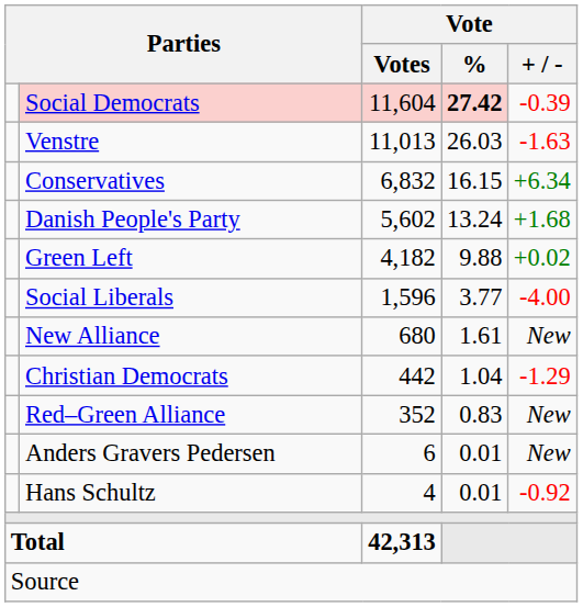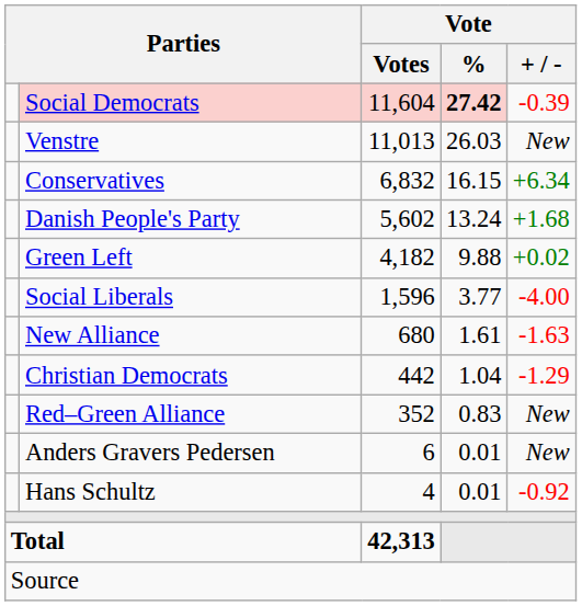 <table class="wikitable" style="text-align:right;">
 <tr>
 <th style="text-align:centre;" rowspan="2" colspan="2" width="225">Parties</th>
 <th colspan="3">Vote</th>
 </tr>
 <tr>
 <th width="15">Votes</th>
 <th width="15">%</th>
 <th width="15">+ / -</th>
 </tr>
 <tr>
 <td width="2" style="color:inherit;background:"></td>
 <td bgcolor=#fbd0ce  align="left"><a href='#'>Social Democrats</a></td>
 <td bgcolor=#fbd0ce>11,604</td>
 <td bgcolor=#fbd0ce><strong>27.42</strong></td>
 <td style=color:red;>-0.39</td>
 </tr>
 <tr>
 <td width="2" style="color:inherit;background:"></td>
 <td align="left"><a href='#'>Venstre</a></td>
 <td>11,013</td>
 <td>26.03</td>
-<td style=color:red;>-1.63</td>
+<td><em>New</em></td>
 </tr>
 <tr>
 <td width="2" style="color:inherit;background:"></td>
 <td align="left"><a href='#'>Conservatives</a></td>
 <td>6,832</td>
 <td>16.15</td>
 <td style=color:green;>+6.34</td>
 </tr>
 <tr>
 <td width="2" style="color:inherit;background:"></td>
 <td align="left"><a href='#'>Danish People's Party</a></td>
 <td>5,602</td>
 <td>13.24</td>
 <td style=color:green;>+1.68</td>
 </tr>
 <tr>
 <td width="2" style="color:inherit;background:"></td>
 <td align="left"><a href='#'>Green Left</a></td>
 <td>4,182</td>
 <td>9.88</td>
 <td style=color:green;>+0.02</td>
 </tr>
 <tr>
 <td width="2" style="color:inherit;background:"></td>
 <td align="left"><a href='#'>Social Liberals</a></td>
 <td>1,596</td>
 <td>3.77</td>
 <td style=color:red;>-4.00</td>
 </tr>
 <tr>
 <td width="2" style="color:inherit;background:"></td>
 <td align="left"><a href='#'>New Alliance</a></td>
 <td>680</td>
 <td>1.61</td>
-<td><em>New</em></td>
+<td style=color:red;>-1.63</td>
 </tr>
 <tr>
 <td width="2" style="color:inherit;background:"></td>
 <td align="left"><a href='#'>Christian Democrats</a></td>
 <td>442</td>
 <td>1.04</td>
 <td style=color:red;>-1.29</td>
 </tr>
 <tr>
 <td width="2" style="color:inherit;background:"></td>
 <td align="left"><a href='#'>Red–Green Alliance</a></td>
 <td>352</td>
 <td>0.83</td>
 <td><em>New</em></td>
 </tr>
 <tr>
 <td width="2" style="color:inherit;background:"></td>
 <td align="left">Anders Gravers Pedersen</td>
 <td>6</td>
 <td>0.01</td>
 <td><em>New</em></td>
 </tr>
 <tr>
 <td width="2" style="color:inherit;background:"></td>
 <td align="left">Hans Schultz</td>
 <td>4</td>
 <td>0.01</td>
 <td style=color:red;>-0.92</td>
 </tr>
 <tr>
 <td colspan="7" bgcolor="#E9E9E9"></td>
 </tr>
 <tr>
 <td align="left" colspan="2"><strong>Total</strong></td>
 <td><strong>42,313</strong></td>
 <td bgcolor="#E9E9E9" colspan="2"></td>
 </tr>
 <tr>
 <td align="left" colspan="6">Source</td>
 </tr>
 </table>
